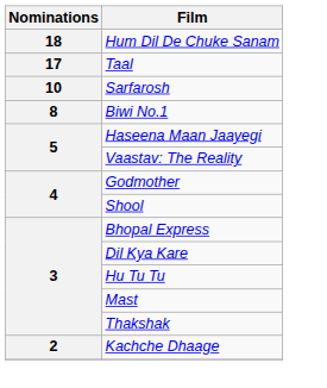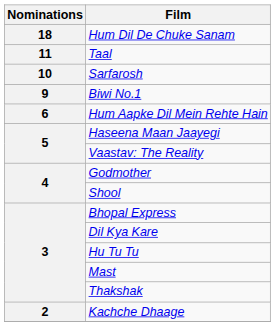 <table class="wikitable" style="display:inline-table;">
 <tr>
 <th>Nominations</th>
 <th>Film</th>
 </tr>
 <tr>
 <th>18</th>
 <td><em><a href='#'>Hum Dil De Chuke Sanam</a></em></td>
 </tr>
 <tr>
-<th>17</th>
+<th>11</th>
 <td><em><a href='#'>Taal</a></em></td>
 </tr>
 <tr>
 <th>10</th>
 <td><em><a href='#'>Sarfarosh</a></em></td>
 </tr>
 <tr>
-<th>8</th>
+<th>9</th>
 <td><em><a href='#'>Biwi No.1</a></em></td>
+</tr>
+<tr>
+<th>6</th>
+<td><em><a href='#'>Hum Aapke Dil Mein Rehte Hain</a></em></td>
 </tr>
 <tr>
 <th rowspan="2">5</th>
 <td><em><a href='#'>Haseena Maan Jaayegi</a></em></td>
 </tr>
 <tr>
 <td><em><a href='#'>Vaastav: The Reality</a></em></td>
 </tr>
 <tr>
 <th rowspan="2">4</th>
 <td><em><a href='#'>Godmother</a></em></td>
 </tr>
 <tr>
 <td><em><a href='#'>Shool</a></em></td>
 </tr>
 <tr>
 <th rowspan="5">3</th>
 <td><em><a href='#'>Bhopal Express</a></em></td>
 </tr>
 <tr>
 <td><em><a href='#'>Dil Kya Kare</a></em></td>
 </tr>
 <tr>
 <td><em><a href='#'>Hu Tu Tu</a></em></td>
 </tr>
 <tr>
 <td><em><a href='#'>Mast</a></em></td>
 </tr>
 <tr>
 <td><em><a href='#'>Thakshak</a></em></td>
 </tr>
 <tr>
 <th>2</th>
 <td><em><a href='#'>Kachche Dhaage</a></em></td>
 </tr>
 <tr>
 </tr>
 </table>
